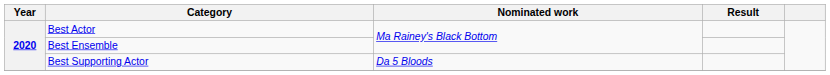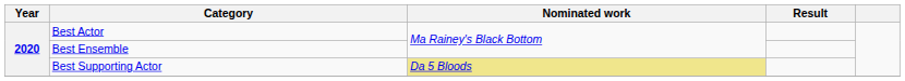 <table class="wikitable plainrowheaders" style="width:100%;">
 <tr>
 <th scope="col" style="width:5%;">Year</th>
 <th scope="col" style="width:40%;">Category</th>
 <th scope="col" style="width:40%;">Nominated work</th>
 <th scope="col" style="width:10%;">Result</th>
 <th scope="col" style="width:5%;"></th>
 </tr>
 <tr>
 <th scope="row" style="text-align:center;" rowspan="3"><a href='#'>2020</a></th>
 <td><a href='#'>Best Actor</a></td>
 <td rowspan="2"><em><a href='#'>Ma Rainey's Black Bottom</a></em></td>
 <td></td>
 <td rowspan="3" style="text-align:center;"></td>
 </tr>
 <tr>
 <td><a href='#'>Best Ensemble</a></td>
 <td></td>
 </tr>
 <tr>
 <td><a href='#'>Best Supporting Actor</a></td>
-<td><em><a href='#'>Da 5 Bloods</a></em></td>
+<td style="background: khaki;"><em><a href='#'>Da 5 Bloods</a></em></td>
 <td></td>
 </tr>
 <tr>
 </tr>
 </table>
